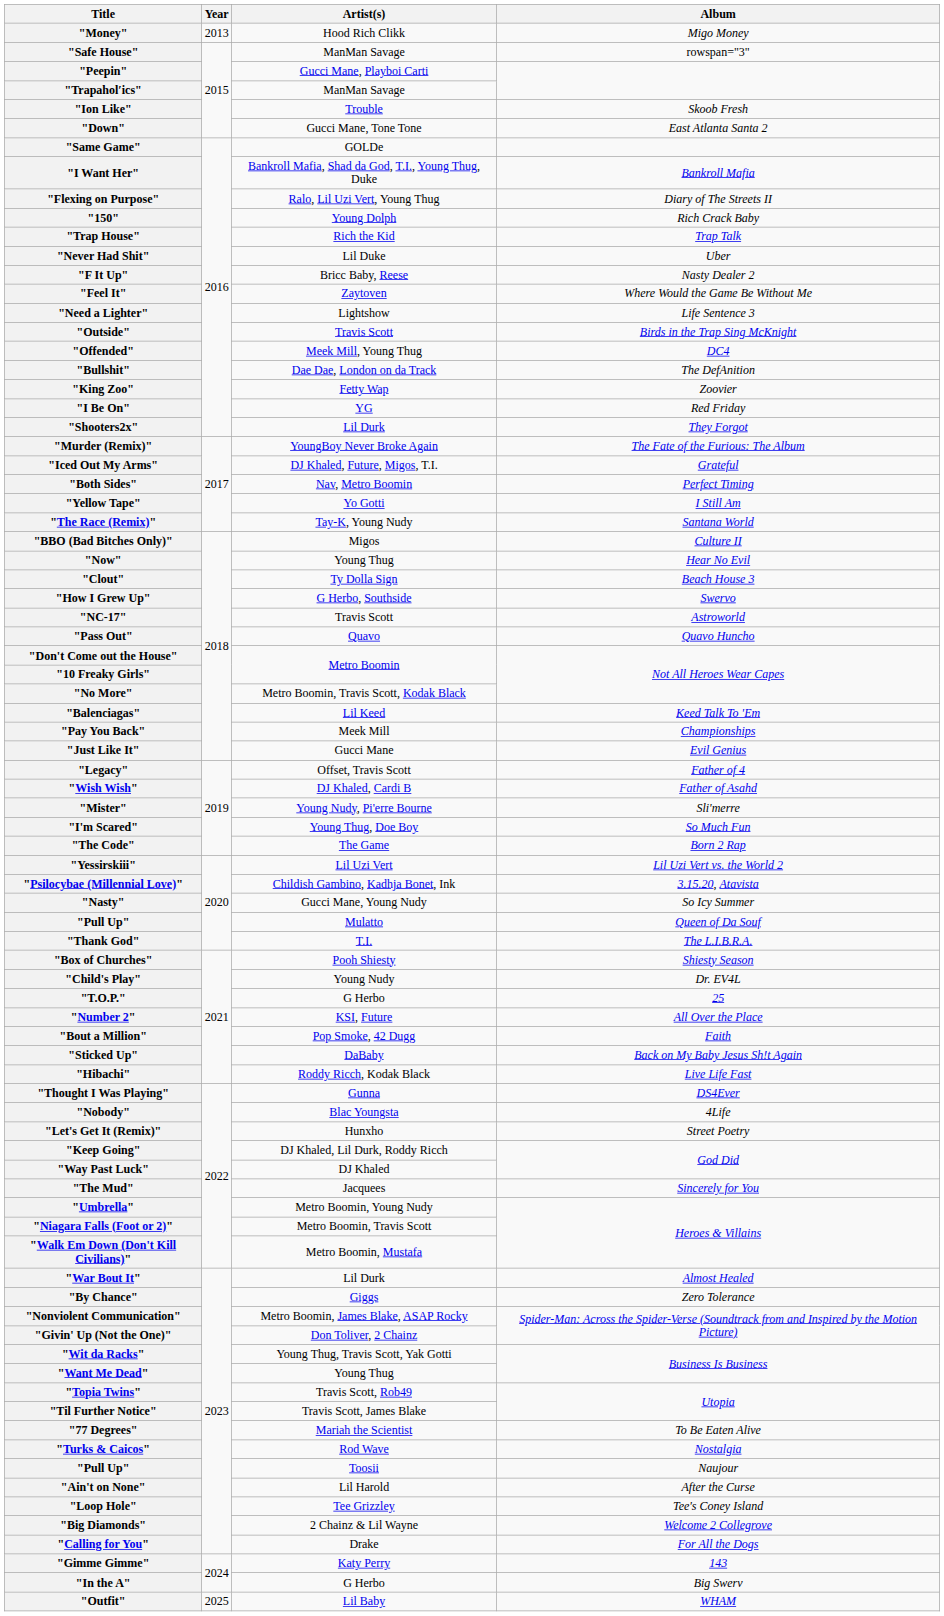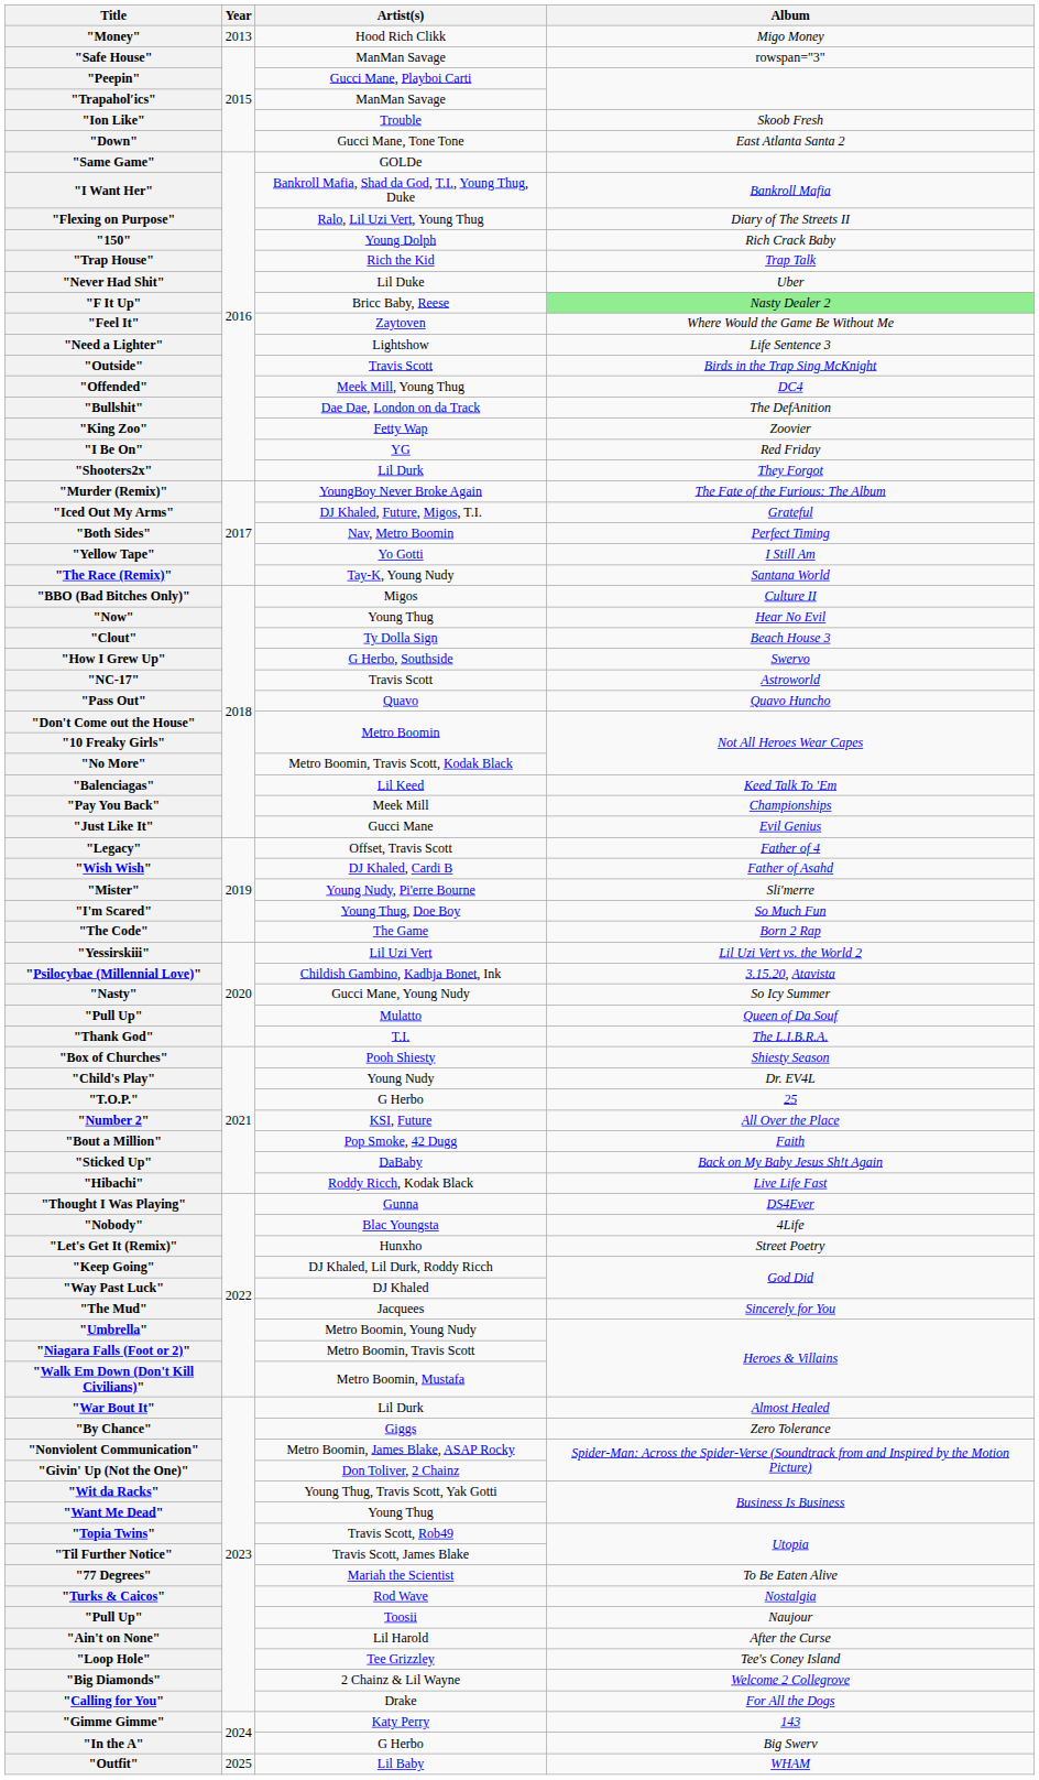 <table class="wikitable plainrowheaders" style="text-align:center;">
 <tr>
 <th scope="col" style="width:16em;">Title</th>
 <th scope="col">Year</th>
 <th scope="col">Artist(s)</th>
 <th scope="col">Album</th>
 </tr>
 <tr>
 <th scope="row">"Money"</th>
 <td>2013</td>
 <td>Hood Rich Clikk</td>
 <td><em>Migo Money</em></td>
 </tr>
 <tr>
 <th scope="row">"Safe House"</th>
 <td rowspan="5">2015</td>
 <td>ManMan Savage</td>
 <td>rowspan="3"  </td>
 </tr>
 <tr>
 <th scope="row">"Peepin"</th>
 <td><a href='#'>Gucci Mane</a>, <a href='#'>Playboi Carti</a></td>
 </tr>
 <tr>
 <th scope="row">"Trapahol′ics"</th>
 <td>ManMan Savage</td>
 </tr>
 <tr>
 <th scope="row">"Ion Like"</th>
 <td><a href='#'>Trouble</a></td>
 <td><em>Skoob Fresh</em></td>
 </tr>
 <tr>
 <th scope="row">"Down"</th>
 <td>Gucci Mane, Tone Tone</td>
 <td><em>East Atlanta Santa 2</em></td>
 </tr>
 <tr>
 <th scope="row">"Same Game"</th>
 <td rowspan="15">2016</td>
 <td>GOLDe</td>
 <td></td>
 </tr>
 <tr>
 <th scope="row">"I Want Her"</th>
 <td><a href='#'>Bankroll Mafia</a>, <a href='#'>Shad da God</a>, <a href='#'>T.I.</a>, <a href='#'>Young Thug</a>, Duke</td>
 <td><em><a href='#'>Bankroll Mafia</a></em></td>
 </tr>
 <tr>
 <th scope="row">"Flexing on Purpose"</th>
 <td><a href='#'>Ralo</a>, <a href='#'>Lil Uzi Vert</a>, Young Thug</td>
 <td><em>Diary of The Streets II</em></td>
 </tr>
 <tr>
 <th scope="row">"150"</th>
 <td><a href='#'>Young Dolph</a></td>
 <td><em>Rich Crack Baby</em></td>
 </tr>
 <tr>
 <th scope="row">"Trap House"</th>
 <td><a href='#'>Rich the Kid</a></td>
 <td><em><a href='#'>Trap Talk</a></em></td>
 </tr>
 <tr>
 <th scope="row">"Never Had Shit"</th>
 <td>Lil Duke</td>
 <td><em>Uber</em></td>
 </tr>
 <tr>
 <th scope="row">"F It Up"</th>
 <td>Bricc Baby, <a href='#'>Reese</a></td>
-<td><em>Nasty Dealer 2</em></td>
+<td style="background: lightgreen;"><em>Nasty Dealer 2</em></td>
 </tr>
 <tr>
 <th scope="row">"Feel It"</th>
 <td><a href='#'>Zaytoven</a></td>
 <td><em>Where Would the Game Be Without Me</em></td>
 </tr>
 <tr>
 <th scope="row">"Need a Lighter"</th>
 <td>Lightshow</td>
 <td><em>Life Sentence 3</em></td>
 </tr>
 <tr>
 <th scope="row">"Outside"</th>
 <td><a href='#'>Travis Scott</a></td>
 <td><em><a href='#'>Birds in the Trap Sing McKnight</a></em></td>
 </tr>
 <tr>
 <th scope="row">"Offended"</th>
 <td><a href='#'>Meek Mill</a>, Young Thug</td>
 <td><em><a href='#'>DC4</a></em></td>
 </tr>
 <tr>
 <th scope="row">"Bullshit"</th>
 <td><a href='#'>Dae Dae</a>, <a href='#'>London on da Track</a></td>
 <td><em>The DefAnition</em></td>
 </tr>
 <tr>
 <th scope="row">"King Zoo"</th>
 <td><a href='#'>Fetty Wap</a></td>
 <td><em>Zoovier</em></td>
 </tr>
 <tr>
 <th scope="row">"I Be On"</th>
 <td><a href='#'>YG</a></td>
 <td><em>Red Friday</em></td>
 </tr>
 <tr>
 <th scope="row">"Shooters2x"</th>
 <td><a href='#'>Lil Durk</a></td>
 <td><em><a href='#'>They Forgot</a></em></td>
 </tr>
 <tr>
 <th scope="row">"Murder (Remix)"</th>
 <td rowspan="5">2017</td>
 <td><a href='#'>YoungBoy Never Broke Again</a></td>
 <td><em><a href='#'>The Fate of the Furious: The Album</a></em></td>
 </tr>
 <tr>
 <th scope="row">"Iced Out My Arms"</th>
 <td><a href='#'>DJ Khaled</a>, <a href='#'>Future</a>, <a href='#'>Migos</a>, T.I.</td>
 <td><em><a href='#'>Grateful</a></em></td>
 </tr>
 <tr>
 <th scope="row">"Both Sides"</th>
 <td><a href='#'>Nav</a>, <a href='#'>Metro Boomin</a></td>
 <td><em><a href='#'>Perfect Timing</a></em></td>
 </tr>
 <tr>
 <th scope="row">"Yellow Tape"</th>
 <td><a href='#'>Yo Gotti</a></td>
 <td><em><a href='#'>I Still Am</a></em></td>
 </tr>
 <tr>
 <th scope="row">"<a href='#'>The Race (Remix)</a>"</th>
 <td><a href='#'>Tay-K</a>, Young Nudy</td>
 <td><em><a href='#'>Santana World</a></em></td>
 </tr>
 <tr>
 <th scope="row">"BBO (Bad Bitches Only)"</th>
 <td rowspan="12">2018</td>
 <td>Migos</td>
 <td><em><a href='#'>Culture II</a></em></td>
 </tr>
 <tr>
 <th scope="row">"Now"</th>
 <td>Young Thug</td>
 <td><em><a href='#'>Hear No Evil</a></em></td>
 </tr>
 <tr>
 <th scope="row">"Clout"</th>
 <td><a href='#'>Ty Dolla Sign</a></td>
 <td><em><a href='#'>Beach House 3</a></em></td>
 </tr>
 <tr>
 <th scope="row">"How I Grew Up"</th>
 <td><a href='#'>G Herbo</a>, <a href='#'>Southside</a></td>
 <td><em><a href='#'>Swervo</a></em></td>
 </tr>
 <tr>
 <th scope="row">"NC-17"</th>
 <td>Travis Scott</td>
 <td><em><a href='#'>Astroworld</a></em></td>
 </tr>
 <tr>
 <th scope="row">"Pass Out"</th>
 <td><a href='#'>Quavo</a></td>
 <td><em><a href='#'>Quavo Huncho</a></em></td>
 </tr>
 <tr>
 <th scope="row">"Don't Come out the House"</th>
 <td rowspan="2"><a href='#'>Metro Boomin</a></td>
 <td rowspan="3"><em><a href='#'>Not All Heroes Wear Capes</a></em></td>
 </tr>
 <tr>
 <th scope="row">"10 Freaky Girls"</th>
 </tr>
 <tr>
 <th scope="row">"No More"</th>
 <td>Metro Boomin, Travis Scott, <a href='#'>Kodak Black</a></td>
 </tr>
 <tr>
 <th scope="row">"Balenciagas"</th>
 <td><a href='#'>Lil Keed</a></td>
 <td><em><a href='#'>Keed Talk To 'Em</a></em></td>
 </tr>
 <tr>
 <th scope="row">"Pay You Back"</th>
 <td>Meek Mill</td>
 <td><em><a href='#'>Championships</a></em></td>
 </tr>
 <tr>
 <th scope="row">"Just Like It"</th>
 <td>Gucci Mane</td>
 <td><em><a href='#'>Evil Genius</a></em></td>
 </tr>
 <tr>
 <th scope="row">"Legacy"</th>
 <td rowspan="5">2019</td>
 <td>Offset, Travis Scott</td>
 <td><em><a href='#'>Father of 4</a></em></td>
 </tr>
 <tr>
 <th scope="row">"<a href='#'>Wish Wish</a>"</th>
 <td><a href='#'>DJ Khaled</a>, <a href='#'>Cardi B</a></td>
 <td><em><a href='#'>Father of Asahd</a></em></td>
 </tr>
 <tr>
 <th scope="row">"Mister"</th>
 <td><a href='#'>Young Nudy</a>, <a href='#'>Pi'erre Bourne</a></td>
 <td><em>Sli'merre</em></td>
 </tr>
 <tr>
 <th scope="row">"I'm Scared"</th>
 <td><a href='#'>Young Thug</a>, <a href='#'>Doe Boy</a></td>
 <td><em><a href='#'>So Much Fun</a></em></td>
 </tr>
 <tr>
 <th scope="row">"The Code"</th>
 <td><a href='#'>The Game</a></td>
 <td><em><a href='#'>Born 2 Rap</a></em></td>
 </tr>
 <tr>
 <th scope="row">"Yessirskiii"</th>
 <td rowspan="5">2020</td>
 <td><a href='#'>Lil Uzi Vert</a></td>
 <td><em><a href='#'>Lil Uzi Vert vs. the World 2</a></em></td>
 </tr>
 <tr>
 <th scope="row">"<a href='#'>Psilocybae (Millennial Love)</a>"</th>
 <td><a href='#'>Childish Gambino</a>, <a href='#'>Kadhja Bonet</a>, Ink</td>
 <td><em><a href='#'>3.15.20</a></em>, <em><a href='#'>Atavista</a></em></td>
 </tr>
 <tr>
 <th scope="row">"Nasty"</th>
 <td>Gucci Mane, Young Nudy</td>
 <td><em>So Icy Summer</em></td>
 </tr>
 <tr>
 <th scope="row">"Pull Up"</th>
 <td><a href='#'>Mulatto</a></td>
 <td><em><a href='#'>Queen of Da Souf</a></em></td>
 </tr>
 <tr>
 <th scope="row">"Thank God"</th>
 <td><a href='#'>T.I.</a></td>
 <td><em><a href='#'>The L.I.B.R.A.</a></em></td>
 </tr>
 <tr>
 <th scope="row">"Box of Churches"</th>
 <td rowspan="7">2021</td>
 <td><a href='#'>Pooh Shiesty</a></td>
 <td><em><a href='#'>Shiesty Season</a></em></td>
 </tr>
 <tr>
 <th scope="row">"Child's Play"</th>
 <td>Young Nudy</td>
 <td><em>Dr. EV4L</em></td>
 </tr>
 <tr>
 <th scope="row">"T.O.P."</th>
 <td>G Herbo</td>
 <td><em><a href='#'>25</a></em></td>
 </tr>
 <tr>
 <th scope="row">"<a href='#'>Number 2</a>"</th>
 <td><a href='#'>KSI</a>, <a href='#'>Future</a></td>
 <td><a href='#'><em>All Over the Place</em></a></td>
 </tr>
 <tr>
 <th scope="row">"Bout a Million"</th>
 <td><a href='#'>Pop Smoke</a>, <a href='#'>42 Dugg</a></td>
 <td><em><a href='#'>Faith</a></em></td>
 </tr>
 <tr>
 <th scope="row">"Sticked Up"</th>
 <td><a href='#'>DaBaby</a></td>
 <td><em><a href='#'>Back on My Baby Jesus Sh!t Again</a></em></td>
 </tr>
 <tr>
 <th scope="row">"Hibachi"</th>
 <td><a href='#'>Roddy Ricch</a>, Kodak Black</td>
 <td><em><a href='#'>Live Life Fast</a></em></td>
 </tr>
 <tr>
 <th scope="row">"Thought I Was Playing"</th>
 <td rowspan="9">2022</td>
 <td><a href='#'>Gunna</a></td>
 <td><em><a href='#'>DS4Ever</a></em></td>
 </tr>
 <tr>
 <th scope="row">"Nobody"</th>
 <td><a href='#'>Blac Youngsta</a></td>
 <td><em>4Life</em></td>
 </tr>
 <tr>
 <th scope="row">"Let's Get It (Remix)"</th>
 <td>Hunxho</td>
 <td><em>Street Poetry</em></td>
 </tr>
 <tr>
 <th scope="row">"Keep Going"</th>
 <td>DJ Khaled, Lil Durk, Roddy Ricch</td>
 <td rowspan="2"><em><a href='#'>God Did</a></em></td>
 </tr>
 <tr>
 <th scope="row">"Way Past Luck"</th>
 <td>DJ Khaled</td>
 </tr>
 <tr>
 <th scope="row">"The Mud"</th>
 <td>Jacquees</td>
 <td><em><a href='#'>Sincerely for You</a></em></td>
 </tr>
 <tr>
 <th scope="row">"<a href='#'>Umbrella</a>"</th>
 <td>Metro Boomin, Young Nudy</td>
 <td rowspan="3"><em><a href='#'>Heroes & Villains</a></em></td>
 </tr>
 <tr>
 <th scope="row">"<a href='#'>Niagara Falls (Foot or 2)</a>"</th>
 <td>Metro Boomin, Travis Scott</td>
 </tr>
 <tr>
 <th scope="row">"<a href='#'>Walk Em Down (Don't Kill Civilians)</a>"</th>
 <td>Metro Boomin, <a href='#'>Mustafa</a></td>
 </tr>
 <tr>
 <th scope="row">"<a href='#'>War Bout It</a>"</th>
 <td rowspan="15">2023</td>
 <td>Lil Durk</td>
 <td><em><a href='#'>Almost Healed</a></em></td>
 </tr>
 <tr>
 <th scope="row">"By Chance"</th>
 <td><a href='#'>Giggs</a></td>
 <td><em>Zero Tolerance</em></td>
 </tr>
 <tr>
 <th scope="row">"Nonviolent Communication"</th>
 <td>Metro Boomin, <a href='#'>James Blake</a>, <a href='#'>ASAP Rocky</a></td>
 <td rowspan="2"><em><a href='#'>Spider-Man: Across the Spider-Verse (Soundtrack from and Inspired by the Motion Picture)</a></em></td>
 </tr>
 <tr>
 <th scope="row">"Givin' Up (Not the One)"</th>
 <td><a href='#'>Don Toliver</a>, <a href='#'>2 Chainz</a></td>
 </tr>
 <tr>
 <th scope="row">"<a href='#'>Wit da Racks</a>"</th>
 <td>Young Thug, Travis Scott, Yak Gotti</td>
 <td rowspan="2"><em><a href='#'>Business Is Business</a></em></td>
 </tr>
 <tr>
 <th scope="row">"<a href='#'>Want Me Dead</a>"</th>
 <td>Young Thug</td>
 </tr>
 <tr>
 <th scope="row">"<a href='#'>Topia Twins</a>"</th>
 <td>Travis Scott, <a href='#'>Rob49</a></td>
 <td rowspan="2"><em><a href='#'>Utopia</a></em></td>
 </tr>
 <tr>
 <th scope="row">"Til Further Notice"</th>
 <td>Travis Scott, James Blake</td>
 </tr>
 <tr>
 <th scope="row">"77 Degrees"</th>
 <td><a href='#'>Mariah the Scientist</a></td>
 <td><em>To Be Eaten Alive</em></td>
 </tr>
 <tr>
 <th scope="row">"<a href='#'>Turks & Caicos</a>"</th>
 <td><a href='#'>Rod Wave</a></td>
 <td><em><a href='#'>Nostalgia</a></em></td>
 </tr>
 <tr>
 <th scope="row">"Pull Up"</th>
 <td><a href='#'>Toosii</a></td>
 <td><em>Naujour</em></td>
 </tr>
 <tr>
 <th scope="row">"Ain't on None"</th>
 <td>Lil Harold</td>
 <td><em>After the Curse</em></td>
 </tr>
 <tr>
 <th scope="row">"Loop Hole"</th>
 <td><a href='#'>Tee Grizzley</a></td>
 <td><em>Tee's Coney Island</em></td>
 </tr>
 <tr>
 <th scope="row">"Big Diamonds"</th>
 <td>2 Chainz & Lil Wayne</td>
 <td><a href='#'><em>Welcome 2 Collegrove</em></a></td>
 </tr>
 <tr>
 <th scope="row">"<a href='#'>Calling for You</a>"</th>
 <td>Drake</td>
 <td><em><a href='#'>For All the Dogs</a></em></td>
 </tr>
 <tr>
 <th scope="row">"Gimme Gimme"</th>
 <td rowspan="2">2024</td>
 <td><a href='#'>Katy Perry</a></td>
 <td><em><a href='#'>143</a></em></td>
 </tr>
 <tr>
 <th scope="row">"In the A"</th>
 <td>G Herbo</td>
 <td><em>Big Swerv</em></td>
 </tr>
 <tr>
 <th scope="row">"Outfit"</th>
 <td>2025</td>
 <td><a href='#'>Lil Baby</a></td>
 <td><em><a href='#'>WHAM</a></em></td>
 </tr>
 </table>
